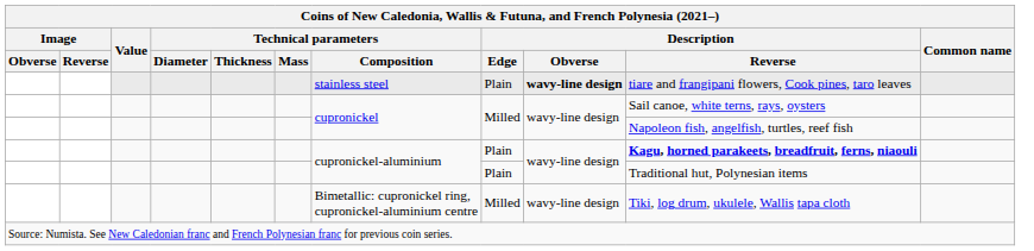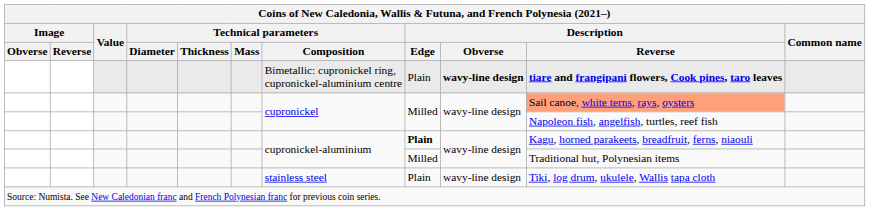 <table class="wikitable" style="font-size: 90%">
 <tr>
 <th colspan="11">Coins of New Caledonia, Wallis & Futuna, and French Polynesia (2021–)</th>
 </tr>
 <tr>
 <th colspan="2">Image</th>
 <th rowspan="2">Value</th>
 <th colspan="4">Technical parameters</th>
 <th colspan="3">Description</th>
 <th rowspan="2">Common name</th>
 </tr>
 <tr>
 <th>Obverse</th>
 <th>Reverse</th>
 <th>Diameter</th>
 <th>Thickness</th>
 <th>Mass</th>
 <th>Composition</th>
 <th>Edge</th>
 <th>Obverse</th>
 <th>Reverse</th>
 </tr>
 <tr style="background:#eaeaea">
 <td align="center" style="background:white"></td>
 <td align="center" style="background:white"></td>
 <td></td>
 <td></td>
 <td></td>
 <td></td>
-<td><a href='#'>stainless steel</a></td>
+<td>Bimetallic: cupronickel ring,<br>cupronickel-aluminium centre</td>
 <td>Plain</td>
 <td><strong>wavy-line design</strong></td>
-<td><a href='#'>tiare</a> and <a href='#'>frangipani</a> flowers, <a href='#'>Cook pines</a>, <a href='#'>taro</a> leaves</td>
+<td><strong><a href='#'>tiare</a> and <a href='#'>frangipani</a> flowers, <a href='#'>Cook pines</a>, <a href='#'>taro</a> leaves</strong></td>
 <td></td>
 </tr>
 <tr>
 <td align="center" style="background:white"></td>
 <td align="center" style="background:white"></td>
 <td></td>
 <td></td>
 <td></td>
 <td></td>
 <td rowspan="2"><a href='#'>cupronickel</a></td>
 <td rowspan="2">Milled</td>
 <td rowspan="2">wavy-line design</td>
-<td>Sail canoe, <a href='#'>white terns</a>, <a href='#'>rays</a>, <a href='#'>oysters</a></td>
+<td style="background: lightsalmon;">Sail canoe, <a href='#'>white terns</a>, <a href='#'>rays</a>, <a href='#'>oysters</a></td>
 <td></td>
 </tr>
 <tr>
 <td align="center" style="background:white"></td>
 <td align="center" style="background:white"></td>
 <td></td>
 <td></td>
 <td></td>
 <td></td>
 <td><a href='#'>Napoleon fish</a>, <a href='#'>angelfish</a>, turtles, reef fish</td>
 <td></td>
 </tr>
 <tr>
 <td align="center" style="background:white"></td>
 <td align="center" style="background:white"></td>
 <td></td>
 <td></td>
 <td></td>
 <td></td>
 <td rowspan="2">cupronickel-aluminium</td>
-<td>Plain</td>
+<td><strong>Plain</strong></td>
 <td rowspan="2">wavy-line design</td>
-<td><strong><a href='#'>Kagu</a>, <a href='#'>horned parakeets</a>, <a href='#'>breadfruit</a>, <a href='#'>ferns</a>, <a href='#'>niaouli</a></strong></td>
+<td><a href='#'>Kagu</a>, <a href='#'>horned parakeets</a>, <a href='#'>breadfruit</a>, <a href='#'>ferns</a>, <a href='#'>niaouli</a></td>
 <td></td>
 </tr>
 <tr>
 <td align="center" style="background:white"></td>
 <td align="center" style="background:white"></td>
 <td></td>
 <td></td>
 <td></td>
 <td></td>
-<td>Plain</td>
+<td>Milled</td>
 <td>Traditional  hut, Polynesian items</td>
 <td></td>
 </tr>
 <tr>
 <td align="center" style="background:white"></td>
 <td align="center" style="background:white"></td>
 <td></td>
 <td></td>
 <td></td>
 <td></td>
-<td>Bimetallic: cupronickel ring,<br>cupronickel-aluminium centre</td>
-<td>Milled</td>
+<td><a href='#'>stainless steel</a></td>
+<td>Plain</td>
 <td>wavy-line design</td>
 <td><a href='#'>Tiki</a>, <a href='#'>log drum</a>, <a href='#'>ukulele</a>, <a href='#'>Wallis</a> <a href='#'>tapa cloth</a></td>
 <td></td>
 </tr>
 <tr>
 <td colspan="11"> <small>Source: Numista. See <a href='#'>New Caledonian franc</a> and <a href='#'>French Polynesian franc</a> for previous coin series.</small></td>
 </tr>
 </table>
